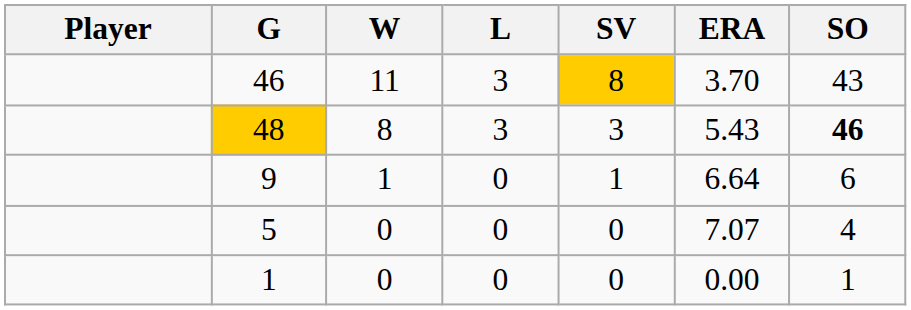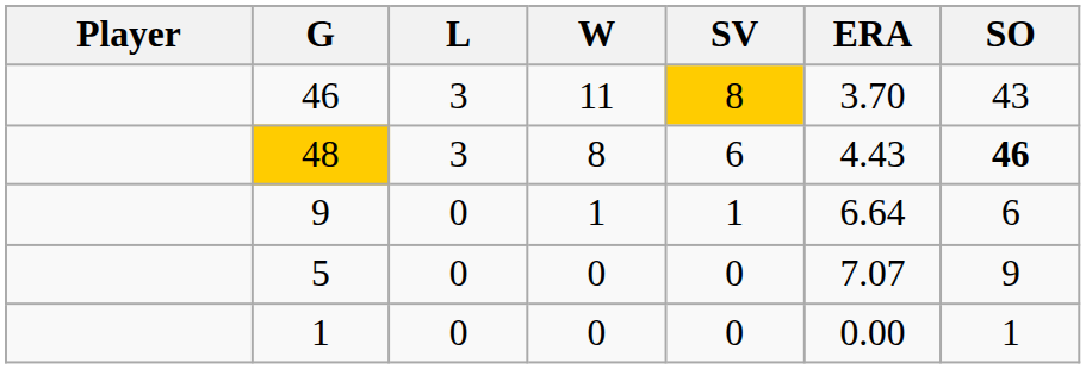 <table class="wikitable sortable">
 <tr>
 <th bgcolor="#DDDDFF" width="16%">Player</th>
 <th bgcolor="#DDDDFF" width="9%">G</th>
+<th bgcolor="#DDDDFF" width="9%">L</th>
 <th bgcolor="#DDDDFF" width="9%">W</th>
-<th bgcolor="#DDDDFF" width="9%">L</th>
 <th bgcolor="#DDDDFF" width="9%">SV</th>
 <th bgcolor="#DDDDFF" width="9%">ERA</th>
 <th bgcolor="#DDDDFF" width="9%">SO</th>
 </tr>
 <tr align="center">
 <td></td>
 <td>46</td>
+<td>3</td>
 <td>11</td>
-<td>3</td>
 <td style="background:#fc0;">8</td>
 <td>3.70</td>
 <td>43</td>
 </tr>
 <tr align=center>
 <td></td>
 <td style="background:#fc0;">48</td>
+<td>3</td>
 <td>8</td>
-<td>3</td>
-<td>3</td>
-<td>5.43</td>
+<td>6</td>
+<td>4.43</td>
 <td><strong>46</strong></td>
 </tr>
 <tr align="center">
 <td></td>
 <td>9</td>
+<td>0</td>
 <td>1</td>
-<td>0</td>
 <td>1</td>
 <td>6.64</td>
 <td>6</td>
 </tr>
 <tr align="center">
 <td></td>
 <td>5</td>
 <td>0</td>
 <td>0</td>
 <td>0</td>
 <td>7.07</td>
-<td>4</td>
+<td>9</td>
 </tr>
 <tr align="center">
 <td></td>
 <td>1</td>
 <td>0</td>
 <td>0</td>
 <td>0</td>
 <td>0.00</td>
 <td>1</td>
 </tr>
 </table>
